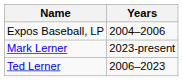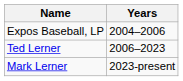 <table class="wikitable">
 <tr>
 <th>Name</th>
 <th>Years</th>
 </tr>
 <tr>
 <td>Expos Baseball, LP</td>
 <td>2004–2006</td>
 </tr>
 <tr>
+<td><a href='#'>Ted Lerner</a></td>
+<td>2006–2023</td>
+</tr>
+<tr>
 <td><a href='#'>Mark Lerner</a></td>
 <td>2023-present</td>
 </tr>
-<tr>
-<td><a href='#'>Ted Lerner</a></td>
-<td>2006–2023</td>
-</tr>
 </table>
